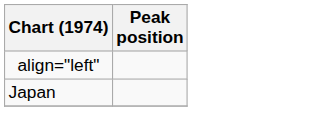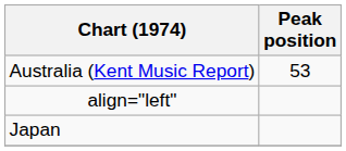 <table class="wikitable sortable plainrowheaders" style="text-align:center">
 <tr>
 <th scope="col">Chart (1974)</th>
 <th scope="col">Peak<br>position</th>
+</tr>
+<tr>
+<td align="left">Australia (<a href='#'>Kent Music Report</a>)</td>
+<td style="text-align:center;">53</td>
 </tr>
 <tr>
 <td>align="left"</td>
 </tr>
 <tr>
 <td align="left">Japan</td>
 <td style="text-align:center;"></td>
 </tr>
 <tr>
 </tr>
 </table>
